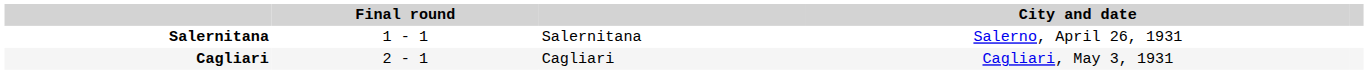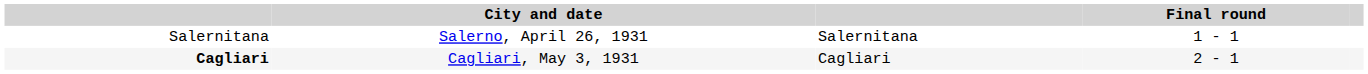 <table align=center style="font-size: 85%; border-collapse:collapse" border=0 cellspacing=0 cellpadding=2 width=50%>
 <tr bgcolor="D3D3D3">
 <th align=right></th>
+<th>City and date</th>
+<th align=left></th>
 <th>Final round</th>
-<th align=left></th>
-<th>City and date</th>
 <th></th>
 </tr>
 <tr bgcolor=#FFFFFF>
-<td align=right><strong>Salernitana</strong></td>
+<td align=right>Salernitana</td>
+<td align=center><a href='#'>Salerno</a>, April 26, 1931</td>
+<td>Salernitana</td>
 <td align=center>1 - 1</td>
-<td>Salernitana</td>
-<td align=center><a href='#'>Salerno</a>, April 26, 1931</td>
 <td></td>
 </tr>
 <tr bgcolor=#F5F5F5>
 <td align=right><strong>Cagliari</strong></td>
+<td align=center><a href='#'>Cagliari</a>, May 3, 1931</td>
+<td>Cagliari</td>
 <td align=center>2 - 1</td>
-<td>Cagliari</td>
-<td align=center><a href='#'>Cagliari</a>, May 3, 1931</td>
 <td></td>
 </tr>
 </table>
